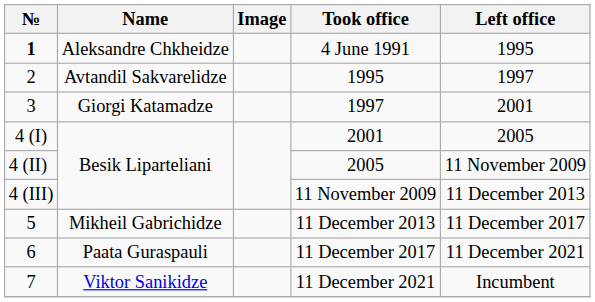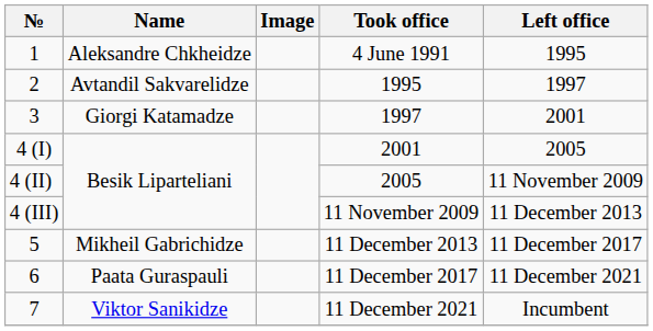 <table class="wikitable sortable">
 <tr>
 <th>№</th>
 <th>Name</th>
 <th>Image</th>
 <th>Took office</th>
 <th>Left office</th>
 </tr>
 <tr>
-<td align="center"><strong>1</strong></td>
+<td align="center">1</td>
 <td align="center">Aleksandre Chkheidze</td>
 <td align="center"></td>
 <td align="center">4 June 1991</td>
 <td align="center">1995</td>
 </tr>
 <tr>
 <td align="center">2</td>
 <td align="center">Avtandil Sakvarelidze</td>
 <td align="center"></td>
 <td align="center">1995</td>
 <td align="center">1997</td>
 </tr>
 <tr>
 <td align="center">3</td>
 <td align="center">Giorgi Katamadze</td>
 <td></td>
 <td align="center">1997</td>
 <td align="center">2001</td>
 </tr>
 <tr>
 <td align="center">4 (I)</td>
 <td rowspan="3" align="center">Besik Liparteliani</td>
 <td rowspan="3" align="center"></td>
 <td align="center">2001</td>
 <td align="center">2005</td>
 </tr>
 <tr>
 <td>4 (II)</td>
 <td align="center">2005</td>
 <td align="center">11 November 2009</td>
 </tr>
 <tr>
 <td>4 (III)</td>
 <td align="center">11 November 2009</td>
 <td align="center">11 December 2013</td>
 </tr>
 <tr>
 <td align="center">5</td>
 <td align="center">Mikheil Gabrichidze</td>
 <td align="center"></td>
 <td align="center">11 December 2013</td>
 <td align="center">11 December 2017</td>
 </tr>
 <tr>
 <td align="center">6</td>
 <td align="center">Paata Guraspauli</td>
 <td></td>
 <td align="center">11 December 2017</td>
 <td align="center">11 December 2021</td>
 </tr>
 <tr>
 <td align="center">7</td>
 <td align="center"><a href='#'>Viktor Sanikidze</a></td>
 <td></td>
 <td align="center">11 December 2021</td>
 <td align="center">Incumbent</td>
 </tr>
 <tr>
 </tr>
 </table>
